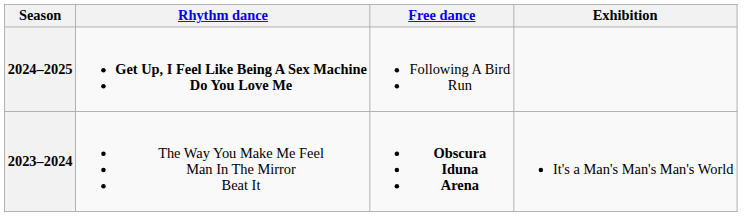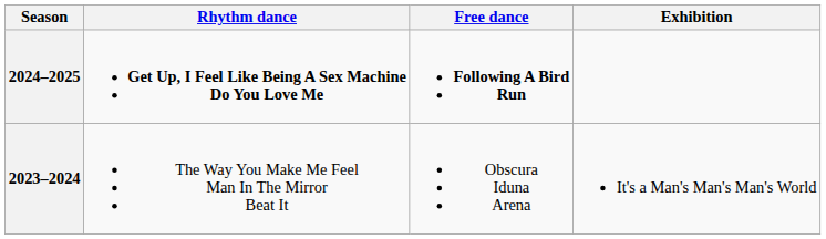 <table class=wikitable style=text-align:center>
 <tr>
 <th>Season</th>
 <th><a href='#'>Rhythm dance</a></th>
 <th><a href='#'>Free dance</a></th>
 <th>Exhibition</th>
 </tr>
 <tr>
 <th>2024–2025</th>
 <td><strong><br><ul><li>Get Up, I Feel Like Being A Sex Machine <br></li><li>Do You Love Me <br></li></ul></strong></td>
-<td><br><ul><li>Following A Bird <br> </li><li>Run <br> </li></ul></td>
+<td><strong><br><ul><li>Following A Bird <br> </li><li>Run <br> </li></ul></strong></td>
 </tr>
 <tr>
 <th>2023–2024 <br></th>
 <td><br><ul><li>The Way You Make Me Feel </li><li>Man In The Mirror </li><li>Beat It </li></ul></td>
-<td><strong><br><ul><li>Obscura <br> </li><li>Iduna <br> </li><li>Arena <br> </li></ul></strong></td>
+<td><br><ul><li>Obscura <br> </li><li>Iduna <br> </li><li>Arena <br> </li></ul></td>
 <td><br><ul><li>It's a Man's Man's Man's World </li></ul></td>
 </tr>
 </table>
